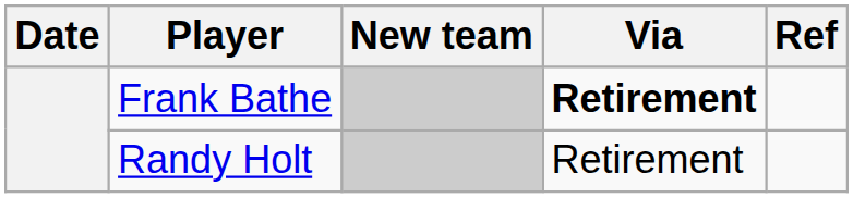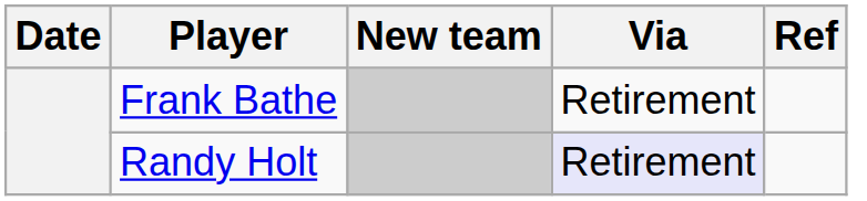 <table class="wikitable plainrowheaders">
 <tr style="background:#ddd; text-align:center;">
 <th>Date</th>
 <th>Player</th>
 <th>New team</th>
 <th>Via</th>
 <th>Ref</th>
 </tr>
 <tr>
 <th scope="row" rowspan="2"></th>
 <td><a href='#'>Frank Bathe</a></td>
 <td style="background:#ccc"></td>
-<td><strong>Retirement</strong></td>
+<td>Retirement</td>
 <td></td>
 </tr>
 <tr>
 <td><a href='#'>Randy Holt</a></td>
 <td style="background:#ccc"></td>
-<td>Retirement</td>
+<td style="background: lavender;">Retirement</td>
 <td></td>
 </tr>
 </table>
